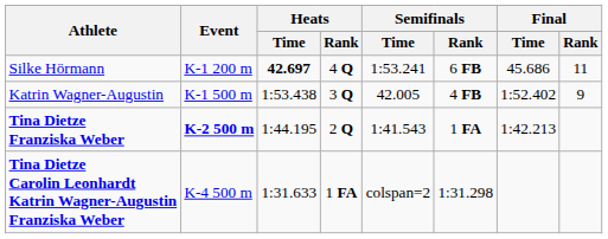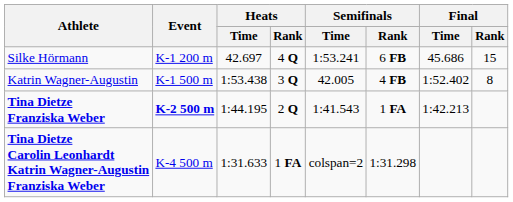 <table class="wikitable" style="font-size:90%">
 <tr>
 <th rowspan="2">Athlete</th>
 <th rowspan="2">Event</th>
 <th colspan=2>Heats</th>
 <th colspan=2>Semifinals</th>
 <th colspan=2>Final</th>
 </tr>
 <tr style="font-size:95%">
 <th>Time</th>
 <th>Rank</th>
 <th>Time</th>
 <th>Rank</th>
 <th>Time</th>
 <th>Rank</th>
 </tr>
 <tr align=center>
 <td align=left><a href='#'>Silke Hörmann</a></td>
 <td align=left><a href='#'>K-1 200 m</a></td>
-<td><strong>42.697</strong></td>
+<td>42.697</td>
 <td>4 <strong>Q</strong></td>
 <td>1:53.241</td>
 <td>6 <strong>FB</strong></td>
 <td>45.686</td>
-<td>11</td>
+<td>15</td>
 </tr>
 <tr align=center>
 <td align=left><a href='#'>Katrin Wagner-Augustin</a></td>
 <td align=left><a href='#'>K-1 500 m</a></td>
 <td>1:53.438</td>
 <td>3 <strong>Q</strong></td>
 <td>42.005</td>
 <td>4 <strong>FB</strong></td>
 <td>1:52.402</td>
-<td>9</td>
+<td>8</td>
 </tr>
 <tr align=center>
 <td align=left><strong><a href='#'>Tina Dietze</a><br><a href='#'>Franziska Weber</a></strong></td>
 <td align=left><strong><a href='#'>K-2 500 m</a></strong></td>
 <td>1:44.195</td>
 <td>2 <strong>Q</strong></td>
 <td>1:41.543</td>
 <td>1 <strong>FA</strong></td>
 <td>1:42.213</td>
 <td></td>
 </tr>
 <tr align=center>
 <td align=left><strong><a href='#'>Tina Dietze</a><br><a href='#'>Carolin Leonhardt</a><br><a href='#'>Katrin Wagner-Augustin</a><br><a href='#'>Franziska Weber</a></strong></td>
 <td align=left><a href='#'>K-4 500 m</a></td>
 <td>1:31.633</td>
 <td>1 <strong>FA</strong></td>
 <td>colspan=2 </td>
 <td>1:31.298</td>
 <td></td>
 </tr>
 </table>
